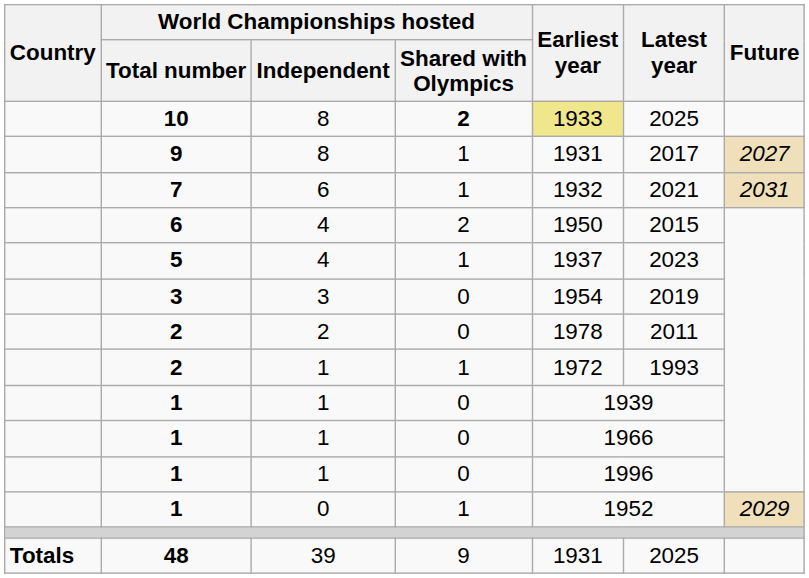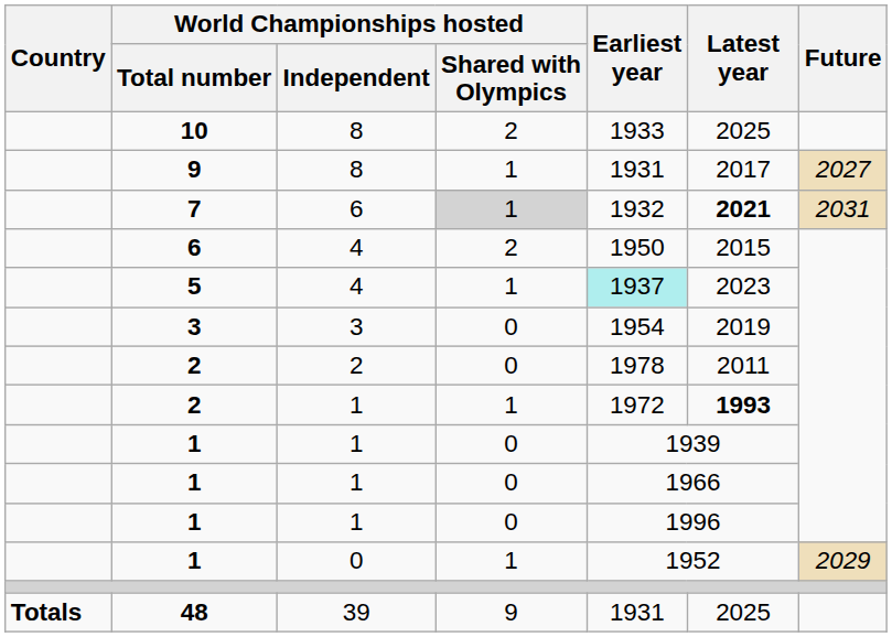 <table class="wikitable">
 <tr>
 <th rowspan=2>Country</th>
 <th colspan=3>World Championships hosted</th>
 <th rowspan=2>Earliest<br>year</th>
 <th rowspan=2>  Latest  <br>year</th>
 <th rowspan=2>Future</th>
 </tr>
 <tr>
 <th>Total number</th>
 <th>Independent</th>
 <th>Shared with<br>Olympics</th>
 </tr>
 <tr>
 <td></td>
 <td align=center><strong>10</strong></td>
 <td align=center>8</td>
-<td align=center><strong>2</strong></td>
-<td align=center style="background: khaki;">1933</td>
+<td align=center>2</td>
+<td align=center>1933</td>
 <td align=center>2025</td>
 <td></td>
 </tr>
 <tr>
 <td> </td>
 <td align=center><strong>9</strong></td>
 <td align=center>8</td>
 <td align=center>1</td>
 <td align=center>1931</td>
 <td align=center>2017</td>
 <td align=center style="background:#EFDFBB"><em>2027</em></td>
 </tr>
 <tr>
 <td></td>
 <td align=center><strong>7</strong></td>
 <td align=center>6</td>
-<td align=center>1</td>
+<td align=center style="background: lightgrey;">1</td>
 <td align=center>1932</td>
-<td align=center>2021</td>
+<td align=center><strong>2021</strong></td>
 <td align=center style="background:#EFDFBB"><em>2031</em></td>
 </tr>
 <tr>
 <td></td>
 <td align=center><strong>6</strong></td>
 <td align=center>4</td>
 <td align=center>2</td>
 <td align=center>1950</td>
 <td align=center>2015</td>
 <td rowspan=8></td>
 </tr>
 <tr>
 <td></td>
 <td align=center><strong>5</strong></td>
 <td align=center>4</td>
 <td align=center>1</td>
-<td align=center>1937</td>
+<td align=center style="background: paleturquoise;">1937</td>
 <td align=center>2023</td>
 </tr>
 <tr>
 <td></td>
 <td align=center><strong>3</strong></td>
 <td align=center>3</td>
 <td align=center>0</td>
 <td align=center>1954</td>
 <td align=center>2019</td>
 </tr>
 <tr>
 <td></td>
 <td align=center><strong>2</strong></td>
 <td align=center>2</td>
 <td align=center>0</td>
 <td align=center>1978</td>
 <td align=center>2011</td>
 </tr>
 <tr>
 <td></td>
 <td align=center><strong>2</strong></td>
 <td align=center>1</td>
 <td align=center>1</td>
 <td align=center>1972</td>
-<td align=center>1993</td>
+<td align=center><strong>1993</strong></td>
 </tr>
 <tr>
 <td></td>
 <td align=center><strong>1</strong></td>
 <td align=center>1</td>
 <td align=center>0</td>
 <td align=center colspan=2>1939</td>
 </tr>
 <tr>
 <td></td>
 <td align=center><strong>1</strong></td>
 <td align=center>1</td>
 <td align=center>0</td>
 <td align=center colspan=2>1966</td>
 </tr>
 <tr>
 <td></td>
 <td align=center><strong>1</strong></td>
 <td align=center>1</td>
 <td align=center>0</td>
 <td align=center colspan=2>1996</td>
 </tr>
 <tr>
 <td></td>
 <td align=center><strong>1</strong></td>
 <td align=center>0</td>
 <td align=center>1</td>
 <td align=center colspan=2>1952</td>
 <td align=center style="background:#EFDFBB"><em>2029</em></td>
 </tr>
 <tr style="background:lightgrey;">
 <td colspan=7></td>
 </tr>
 <tr>
 <td><strong>Totals</strong></td>
 <td align=center><strong>48</strong></td>
 <td align=center>39</td>
 <td align=center>9</td>
 <td align=center>1931</td>
 <td align=center>2025</td>
 <td></td>
 </tr>
 </table>
